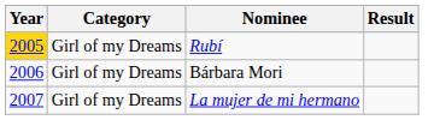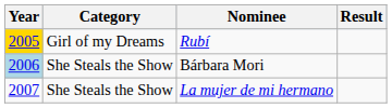 <table class="wikitable">
 <tr style="background:#b0c4de;">
 <th>Year</th>
 <th>Category</th>
 <th>Nominee</th>
 <th>Result</th>
 </tr>
 <tr>
 <td style="background: gold;"><a href='#'>2005</a></td>
 <td>Girl of my Dreams</td>
 <td><em><a href='#'>Rubí</a></em></td>
 <td></td>
 </tr>
 <tr>
-<td><a href='#'>2006</a></td>
-<td>Girl of my Dreams</td>
+<td style="background: lightblue;"><a href='#'>2006</a></td>
+<td>She Steals the Show</td>
 <td>Bárbara Mori</td>
 <td></td>
 </tr>
 <tr>
 <td><a href='#'>2007</a></td>
-<td>Girl of my Dreams</td>
+<td>She Steals the Show</td>
 <td><em><a href='#'>La mujer de mi hermano</a></em></td>
 <td></td>
 </tr>
 </table>
